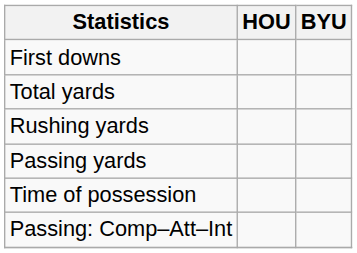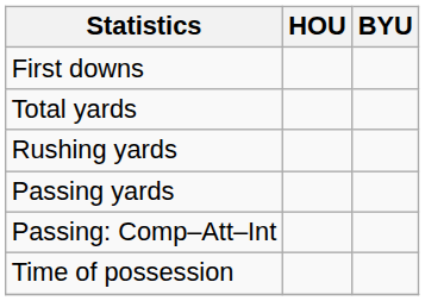 <table class="wikitable" style="float: left;">
 <tr>
 <th>Statistics</th>
 <th>HOU</th>
 <th>BYU</th>
 </tr>
 <tr>
 <td>First downs</td>
 <td></td>
 <td></td>
 </tr>
 <tr>
 <td>Total yards</td>
 <td></td>
 <td></td>
 </tr>
 <tr>
 <td>Rushing yards</td>
 <td></td>
 <td></td>
 </tr>
 <tr>
 <td>Passing yards</td>
 <td></td>
 <td></td>
 </tr>
 <tr>
-<td>Time of possession</td>
+<td>Passing: Comp–Att–Int</td>
 <td></td>
 <td></td>
 </tr>
 <tr>
-<td>Passing: Comp–Att–Int</td>
+<td>Time of possession</td>
 <td></td>
 <td></td>
 </tr>
 <tr>
 </tr>
 </table>
